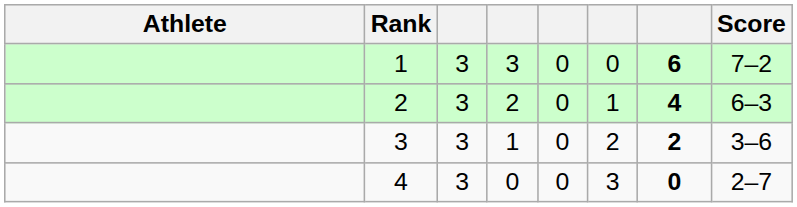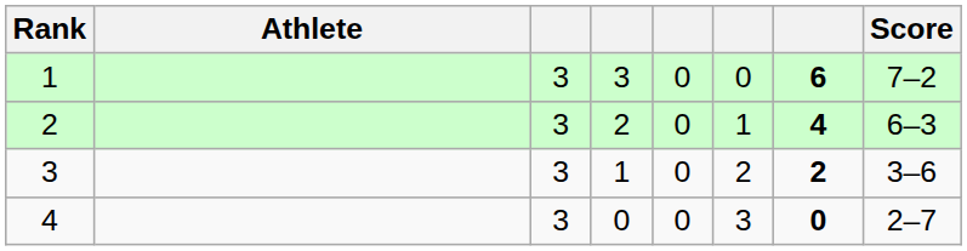 <table class="wikitable" style="text-align: center;">
 <tr>
+<th width=25>Rank</th>
 <th width=225>Athlete</th>
-<th width=25>Rank</th>
 <th width=25></th>
 <th width=25></th>
 <th width=25></th>
 <th width=25></th>
 <th width=40></th>
 <th width=40>Score</th>
 </tr>
 <tr bgcolor=ccffcc>
+<td>1</td>
 <td align=left></td>
-<td>1</td>
 <td>3</td>
 <td>3</td>
 <td>0</td>
 <td>0</td>
 <td><strong>6</strong></td>
 <td>7–2</td>
 </tr>
 <tr bgcolor=ccffcc>
+<td>2</td>
 <td align=left></td>
-<td>2</td>
 <td>3</td>
 <td>2</td>
 <td>0</td>
 <td>1</td>
 <td><strong>4</strong></td>
 <td>6–3</td>
 </tr>
 <tr>
+<td>3</td>
 <td align=left></td>
-<td>3</td>
 <td>3</td>
 <td>1</td>
 <td>0</td>
 <td>2</td>
 <td><strong>2</strong></td>
 <td>3–6</td>
 </tr>
 <tr>
+<td>4</td>
 <td align=left></td>
-<td>4</td>
 <td>3</td>
 <td>0</td>
 <td>0</td>
 <td>3</td>
 <td><strong>0</strong></td>
 <td>2–7</td>
 </tr>
 </table>
